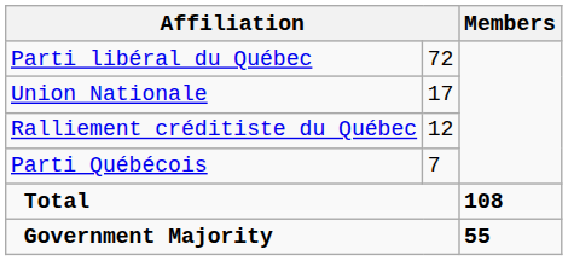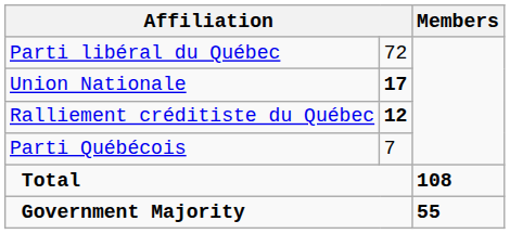 <table class="wikitable">
 <tr>
 <th colspan="2">Affiliation</th>
 <th>Members</th>
 </tr>
 <tr>
 <td align=left><a href='#'>Parti libéral du Québec</a></td>
 <td>72</td>
 </tr>
 <tr>
 <td align=left><a href='#'>Union Nationale</a></td>
-<td>17</td>
+<td><strong>17</strong></td>
 </tr>
 <tr>
 <td align=left><a href='#'>Ralliement créditiste du Québec</a></td>
-<td>12</td>
+<td><strong>12</strong></td>
 </tr>
 <tr>
 <td align=left><a href='#'>Parti Québécois</a></td>
 <td>7</td>
 </tr>
 <tr>
 <td colspan="2" style="text-align:left;"> <strong>Total</strong><br></td>
 <td><strong>108</strong></td>
 </tr>
 <tr>
 <td colspan="2" style="text-align:left;"> <strong>Government Majority</strong><br></td>
 <td><strong>55</strong></td>
 </tr>
 </table>
